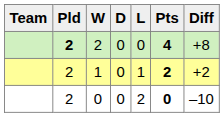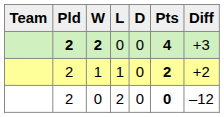 <table style=border-collapse:collapse border=1 cellspacing=0 cellpadding=5>
 <tr align=center bgcolor=#efefef>
 <th>Team</th>
 <th>Pld</th>
 <th>W</th>
+<th>L</th>
 <th>D</th>
-<th>L</th>
 <th>Pts</th>
 <th>Diff</th>
 </tr>
 <tr align=center style="background:#D0F0C0;">
 <td style="text-align:left;"> </td>
 <td><strong>2</strong></td>
-<td>2</td>
+<td><strong>2</strong></td>
 <td>0</td>
 <td>0</td>
 <td><strong>4</strong></td>
-<td>+8</td>
+<td>+3</td>
 </tr>
 <tr align=center style="background:#FFFF99;">
 <td style="text-align:left;"> </td>
 <td>2</td>
 <td>1</td>
+<td>1</td>
 <td>0</td>
-<td>1</td>
 <td><strong>2</strong></td>
 <td>+2</td>
 </tr>
 <tr align=center style="background:#FFFFFF;">
 <td style="text-align:left;"> </td>
 <td>2</td>
 <td>0</td>
+<td>2</td>
 <td>0</td>
-<td>2</td>
 <td><strong>0</strong></td>
-<td>–10</td>
+<td>–12</td>
 </tr>
 </table>
